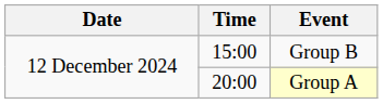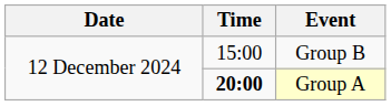 <table class = "wikitable" style="text-align:center;">
 <tr>
 <th width=150>Date</th>
 <th width=50>Time</th>
 <th width=80>Event</th>
 </tr>
 <tr>
 <td rowspan=2>12 December 2024</td>
 <td>15:00</td>
 <td>Group B</td>
 </tr>
 <tr>
-<td>20:00</td>
+<td><strong>20:00</strong></td>
 <td bgcolor="ffffcc">Group A</td>
 </tr>
 </table>
